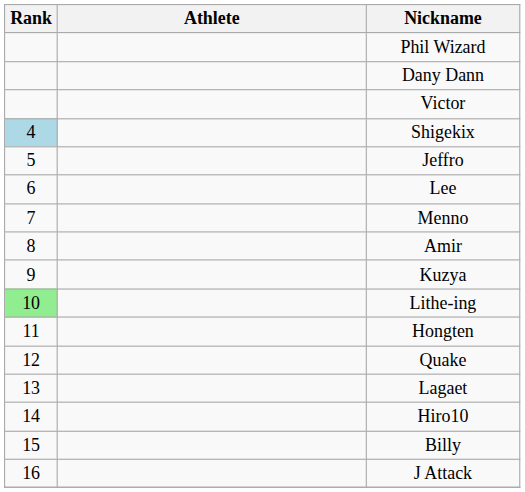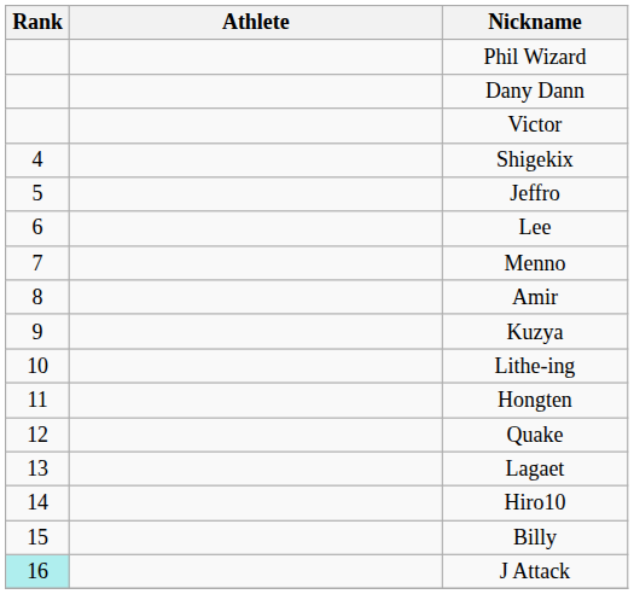 <table class="wikitable" style="text-align: center;">
 <tr>
 <th width=40>Rank</th>
 <th width=268>Athlete</th>
 <th width=130>Nickname</th>
 </tr>
 <tr>
 <td></td>
 <td align="left"></td>
 <td>Phil Wizard</td>
 </tr>
 <tr>
 <td></td>
 <td align="left"></td>
 <td>Dany Dann</td>
 </tr>
 <tr>
 <td></td>
 <td align="left"></td>
 <td>Victor</td>
 </tr>
 <tr>
-<td style="background: lightblue;">4</td>
+<td>4</td>
 <td align="left"></td>
 <td>Shigekix</td>
 </tr>
 <tr>
 <td>5</td>
 <td align="left"></td>
 <td>Jeffro</td>
 </tr>
 <tr>
 <td>6</td>
 <td align="left"></td>
 <td>Lee</td>
 </tr>
 <tr>
 <td>7</td>
 <td align="left"></td>
 <td>Menno</td>
 </tr>
 <tr>
 <td>8</td>
 <td align="left"></td>
 <td>Amir</td>
 </tr>
 <tr>
 <td>9</td>
 <td align="left"></td>
 <td>Kuzya</td>
 </tr>
 <tr>
-<td style="background: lightgreen;">10</td>
+<td>10</td>
 <td align="left"></td>
 <td>Lithe-ing</td>
 </tr>
 <tr>
 <td>11</td>
 <td align="left"></td>
 <td>Hongten</td>
 </tr>
 <tr>
 <td>12</td>
 <td align="left"></td>
 <td>Quake</td>
 </tr>
 <tr>
 <td>13</td>
 <td align="left"></td>
 <td>Lagaet</td>
 </tr>
 <tr>
 <td>14</td>
 <td align="left"></td>
 <td>Hiro10</td>
 </tr>
 <tr>
 <td>15</td>
 <td align="left"></td>
 <td>Billy</td>
 </tr>
 <tr>
-<td>16</td>
+<td style="background: paleturquoise;">16</td>
 <td align="left"></td>
 <td>J Attack</td>
 </tr>
 <tr>
 </tr>
 </table>
